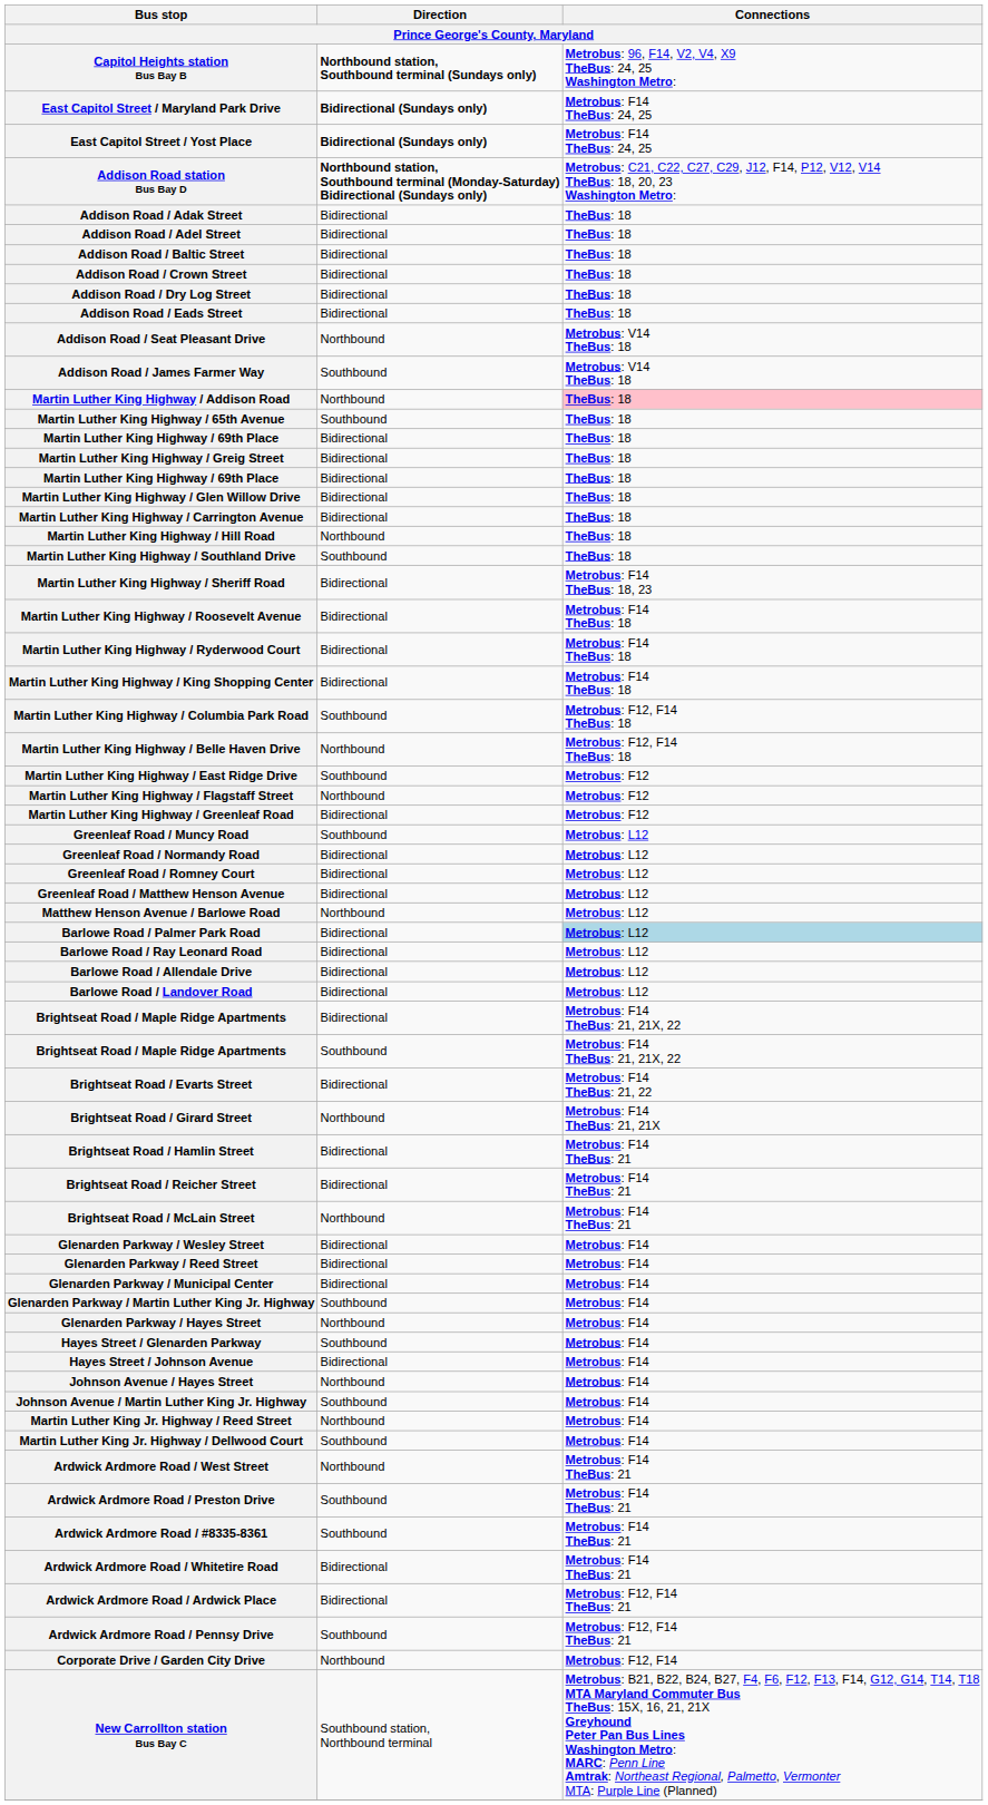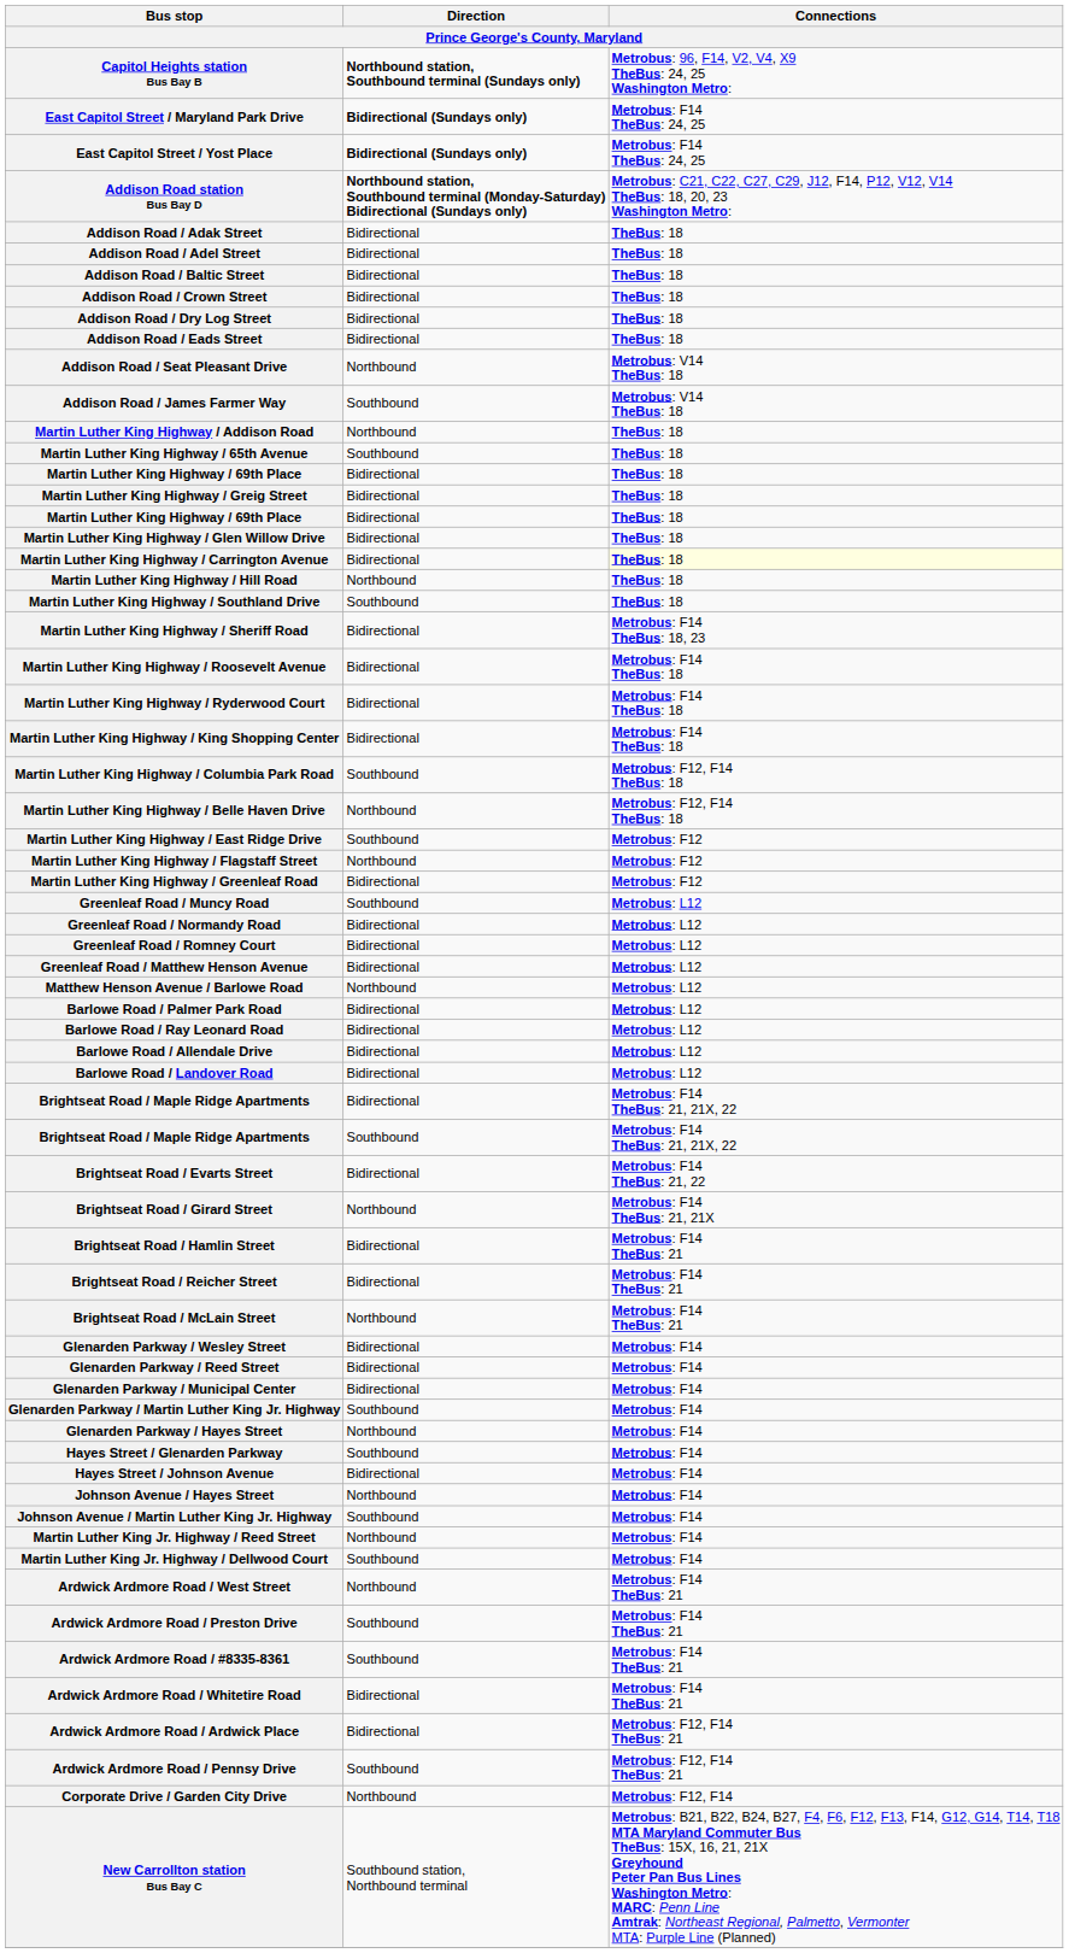 <table class="wikitable collapsible collapsed" style="font-size: 95%;">
 <tr>
 <th>Bus stop</th>
 <th>Direction</th>
 <th>Connections</th>
 </tr>
 <tr>
 <th colspan="5"><a href='#'>Prince George's County, Maryland</a></th>
 </tr>
 <tr>
 <th><a href='#'>Capitol Heights station</a><br><small>Bus Bay B</small></th>
 <td><strong>Northbound station,<br>Southbound terminal (Sundays only)</strong></td>
 <td> <strong><a href='#'>Metrobus</a></strong>: <a href='#'>96</a>, <a href='#'>F14</a>, <a href='#'>V2, V4</a>, <a href='#'>X9</a><br>  <strong><a href='#'>TheBus</a></strong>: 24, 25<br> <strong><a href='#'>Washington Metro</a></strong>:  </td>
 </tr>
 <tr>
 <th><a href='#'>East Capitol Street</a> / Maryland Park Drive</th>
 <td><strong>Bidirectional (Sundays only)</strong></td>
 <td> <strong><a href='#'>Metrobus</a></strong>: F14<br>  <strong><a href='#'>TheBus</a></strong>: 24, 25</td>
 </tr>
 <tr>
 <th>East Capitol Street / Yost Place</th>
 <td><strong>Bidirectional (Sundays only)</strong></td>
 <td> <strong><a href='#'>Metrobus</a></strong>: F14<br>  <strong><a href='#'>TheBus</a></strong>: 24, 25</td>
 </tr>
 <tr>
 <th><a href='#'>Addison Road station</a><br><small>Bus Bay D</small></th>
 <td><strong>Northbound station,<br>Southbound terminal (Monday-Saturday)</strong><br><strong>Bidirectional (Sundays only)</strong></td>
 <td> <strong><a href='#'>Metrobus</a></strong>: <a href='#'>C21, C22, C27, C29</a>, <a href='#'>J12</a>, F14, <a href='#'>P12</a>, <a href='#'>V12</a>, <a href='#'>V14</a><br>  <strong><a href='#'>TheBus</a></strong>: 18, 20, 23<br> <strong><a href='#'>Washington Metro</a></strong>:  </td>
 </tr>
 <tr>
 <th>Addison Road / Adak Street</th>
 <td>Bidirectional</td>
 <td> <strong><a href='#'>TheBus</a></strong>: 18</td>
 </tr>
 <tr>
 <th>Addison Road / Adel Street</th>
 <td>Bidirectional</td>
 <td> <strong><a href='#'>TheBus</a></strong>: 18</td>
 </tr>
 <tr>
 <th>Addison Road / Baltic Street</th>
 <td>Bidirectional</td>
 <td> <strong><a href='#'>TheBus</a></strong>: 18</td>
 </tr>
 <tr>
 <th>Addison Road / Crown Street</th>
 <td>Bidirectional</td>
 <td> <strong><a href='#'>TheBus</a></strong>: 18</td>
 </tr>
 <tr>
 <th>Addison Road / Dry Log Street</th>
 <td>Bidirectional</td>
 <td> <strong><a href='#'>TheBus</a></strong>: 18</td>
 </tr>
 <tr>
 <th>Addison Road / Eads Street</th>
 <td>Bidirectional</td>
 <td> <strong><a href='#'>TheBus</a></strong>: 18</td>
 </tr>
 <tr>
 <th>Addison Road / Seat Pleasant Drive</th>
 <td>Northbound</td>
 <td> <strong><a href='#'>Metrobus</a></strong>: V14<br> <strong><a href='#'>TheBus</a></strong>: 18</td>
 </tr>
 <tr>
 <th>Addison Road / James Farmer Way</th>
 <td>Southbound</td>
 <td> <strong><a href='#'>Metrobus</a></strong>: V14<br> <strong><a href='#'>TheBus</a></strong>: 18</td>
 </tr>
 <tr>
 <th><a href='#'>Martin Luther King Highway</a> / Addison Road</th>
 <td>Northbound</td>
-<td style="background: pink;"> <strong><a href='#'>TheBus</a></strong>: 18</td>
+<td> <strong><a href='#'>TheBus</a></strong>: 18</td>
 </tr>
 <tr>
 <th>Martin Luther King Highway / 65th Avenue</th>
 <td>Southbound</td>
 <td> <strong><a href='#'>TheBus</a></strong>: 18</td>
 </tr>
 <tr>
 <th>Martin Luther King Highway / 69th Place</th>
 <td>Bidirectional</td>
 <td> <strong><a href='#'>TheBus</a></strong>: 18</td>
 </tr>
 <tr>
 <th>Martin Luther King Highway / Greig Street</th>
 <td>Bidirectional</td>
 <td> <strong><a href='#'>TheBus</a></strong>: 18</td>
 </tr>
 <tr>
 <th>Martin Luther King Highway / 69th Place</th>
 <td>Bidirectional</td>
 <td> <strong><a href='#'>TheBus</a></strong>: 18</td>
 </tr>
 <tr>
 <th>Martin Luther King Highway / Glen Willow Drive</th>
 <td>Bidirectional</td>
 <td> <strong><a href='#'>TheBus</a></strong>: 18</td>
 </tr>
 <tr>
 <th>Martin Luther King Highway / Carrington Avenue</th>
 <td>Bidirectional</td>
-<td> <strong><a href='#'>TheBus</a></strong>: 18</td>
+<td style="background: lightyellow;"> <strong><a href='#'>TheBus</a></strong>: 18</td>
 </tr>
 <tr>
 <th>Martin Luther King Highway / Hill Road</th>
 <td>Northbound</td>
 <td> <strong><a href='#'>TheBus</a></strong>: 18</td>
 </tr>
 <tr>
 <th>Martin Luther King Highway / Southland Drive</th>
 <td>Southbound</td>
 <td> <strong><a href='#'>TheBus</a></strong>: 18</td>
 </tr>
 <tr>
 <th>Martin Luther King Highway / Sheriff Road</th>
 <td>Bidirectional</td>
 <td> <strong><a href='#'>Metrobus</a></strong>: F14<br> <strong><a href='#'>TheBus</a></strong>: 18, 23</td>
 </tr>
 <tr>
 <th>Martin Luther King Highway / Roosevelt Avenue</th>
 <td>Bidirectional</td>
 <td> <strong><a href='#'>Metrobus</a></strong>: F14<br> <strong><a href='#'>TheBus</a></strong>: 18</td>
 </tr>
 <tr>
 <th>Martin Luther King Highway / Ryderwood Court</th>
 <td>Bidirectional</td>
 <td> <strong><a href='#'>Metrobus</a></strong>: F14<br> <strong><a href='#'>TheBus</a></strong>: 18</td>
 </tr>
 <tr>
 <th>Martin Luther King Highway / King Shopping Center</th>
 <td>Bidirectional</td>
 <td> <strong><a href='#'>Metrobus</a></strong>: F14<br> <strong><a href='#'>TheBus</a></strong>: 18</td>
 </tr>
 <tr>
 <th>Martin Luther King Highway / Columbia Park Road</th>
 <td>Southbound</td>
 <td> <strong><a href='#'>Metrobus</a></strong>: F12, F14<br> <strong><a href='#'>TheBus</a></strong>: 18</td>
 </tr>
 <tr>
 <th>Martin Luther King Highway / Belle Haven Drive</th>
 <td>Northbound</td>
 <td> <strong><a href='#'>Metrobus</a></strong>: F12, F14<br> <strong><a href='#'>TheBus</a></strong>: 18</td>
 </tr>
 <tr>
 <th>Martin Luther King Highway / East Ridge Drive</th>
 <td>Southbound</td>
 <td> <strong><a href='#'>Metrobus</a></strong>: F12</td>
 </tr>
 <tr>
 <th>Martin Luther King Highway / Flagstaff Street</th>
 <td>Northbound</td>
 <td> <strong><a href='#'>Metrobus</a></strong>: F12</td>
 </tr>
 <tr>
 <th>Martin Luther King Highway / Greenleaf Road</th>
 <td>Bidirectional</td>
 <td> <strong><a href='#'>Metrobus</a></strong>: F12</td>
 </tr>
 <tr>
 <th>Greenleaf Road / Muncy Road</th>
 <td>Southbound</td>
 <td> <strong><a href='#'>Metrobus</a></strong>: <a href='#'>L12</a></td>
 </tr>
 <tr>
 <th>Greenleaf Road / Normandy Road</th>
 <td>Bidirectional</td>
 <td> <strong><a href='#'>Metrobus</a></strong>: L12</td>
 </tr>
 <tr>
 <th>Greenleaf Road / Romney Court</th>
 <td>Bidirectional</td>
 <td> <strong><a href='#'>Metrobus</a></strong>: L12</td>
 </tr>
 <tr>
 <th>Greenleaf Road / Matthew Henson Avenue</th>
 <td>Bidirectional</td>
 <td> <strong><a href='#'>Metrobus</a></strong>: L12</td>
 </tr>
 <tr>
 <th>Matthew Henson Avenue / Barlowe Road</th>
 <td>Northbound</td>
 <td> <strong><a href='#'>Metrobus</a></strong>: L12</td>
 </tr>
 <tr>
 <th>Barlowe Road / Palmer Park Road</th>
 <td>Bidirectional</td>
-<td style="background: lightblue;"> <strong><a href='#'>Metrobus</a></strong>: L12</td>
+<td> <strong><a href='#'>Metrobus</a></strong>: L12</td>
 </tr>
 <tr>
 <th>Barlowe Road / Ray Leonard Road</th>
 <td>Bidirectional</td>
 <td> <strong><a href='#'>Metrobus</a></strong>: L12</td>
 </tr>
 <tr>
 <th>Barlowe Road / Allendale Drive</th>
 <td>Bidirectional</td>
 <td> <strong><a href='#'>Metrobus</a></strong>: L12</td>
 </tr>
 <tr>
 <th>Barlowe Road / <a href='#'>Landover Road</a></th>
 <td>Bidirectional</td>
 <td> <strong><a href='#'>Metrobus</a></strong>: L12</td>
 </tr>
 <tr>
 <th>Brightseat Road / Maple Ridge Apartments</th>
 <td>Bidirectional</td>
 <td> <strong><a href='#'>Metrobus</a></strong>: F14<br> <strong><a href='#'>TheBus</a></strong>: 21, 21X, 22</td>
 </tr>
 <tr>
 <th>Brightseat Road / Maple Ridge Apartments</th>
 <td>Southbound</td>
 <td> <strong><a href='#'>Metrobus</a></strong>: F14<br> <strong><a href='#'>TheBus</a></strong>: 21, 21X, 22</td>
 </tr>
 <tr>
 <th>Brightseat Road / Evarts Street</th>
 <td>Bidirectional</td>
 <td> <strong><a href='#'>Metrobus</a></strong>: F14<br> <strong><a href='#'>TheBus</a></strong>: 21, 22</td>
 </tr>
 <tr>
 <th>Brightseat Road / Girard Street</th>
 <td>Northbound</td>
 <td> <strong><a href='#'>Metrobus</a></strong>: F14<br> <strong><a href='#'>TheBus</a></strong>: 21, 21X</td>
 </tr>
 <tr>
 <th>Brightseat Road / Hamlin Street</th>
 <td>Bidirectional</td>
 <td> <strong><a href='#'>Metrobus</a></strong>: F14<br> <strong><a href='#'>TheBus</a></strong>: 21</td>
 </tr>
 <tr>
 <th>Brightseat Road / Reicher Street</th>
 <td>Bidirectional</td>
 <td> <strong><a href='#'>Metrobus</a></strong>: F14<br> <strong><a href='#'>TheBus</a></strong>: 21</td>
 </tr>
 <tr>
 <th>Brightseat Road / McLain Street</th>
 <td>Northbound</td>
 <td> <strong><a href='#'>Metrobus</a></strong>: F14<br> <strong><a href='#'>TheBus</a></strong>: 21</td>
 </tr>
 <tr>
 <th>Glenarden Parkway / Wesley Street</th>
 <td>Bidirectional</td>
 <td> <strong><a href='#'>Metrobus</a></strong>: F14</td>
 </tr>
 <tr>
 <th>Glenarden Parkway / Reed Street</th>
 <td>Bidirectional</td>
 <td> <strong><a href='#'>Metrobus</a></strong>: F14</td>
 </tr>
 <tr>
 <th>Glenarden Parkway / Municipal Center</th>
 <td>Bidirectional</td>
 <td> <strong><a href='#'>Metrobus</a></strong>: F14</td>
 </tr>
 <tr>
 <th>Glenarden Parkway / Martin Luther King Jr. Highway</th>
 <td>Southbound</td>
 <td> <strong><a href='#'>Metrobus</a></strong>: F14</td>
 </tr>
 <tr>
 <th>Glenarden Parkway / Hayes Street</th>
 <td>Northbound</td>
 <td> <strong><a href='#'>Metrobus</a></strong>: F14</td>
 </tr>
 <tr>
 <th>Hayes Street / Glenarden Parkway</th>
 <td>Southbound</td>
 <td> <strong><a href='#'>Metrobus</a></strong>: F14</td>
 </tr>
 <tr>
 <th>Hayes Street / Johnson Avenue</th>
 <td>Bidirectional</td>
 <td> <strong><a href='#'>Metrobus</a></strong>: F14</td>
 </tr>
 <tr>
 <th>Johnson Avenue / Hayes Street</th>
 <td>Northbound</td>
 <td> <strong><a href='#'>Metrobus</a></strong>: F14</td>
 </tr>
 <tr>
 <th>Johnson Avenue / Martin Luther King Jr. Highway</th>
 <td>Southbound</td>
 <td> <strong><a href='#'>Metrobus</a></strong>: F14</td>
 </tr>
 <tr>
 <th>Martin Luther King Jr. Highway / Reed Street</th>
 <td>Northbound</td>
 <td> <strong><a href='#'>Metrobus</a></strong>: F14</td>
 </tr>
 <tr>
 <th>Martin Luther King Jr. Highway / Dellwood Court</th>
 <td>Southbound</td>
 <td> <strong><a href='#'>Metrobus</a></strong>: F14</td>
 </tr>
 <tr>
 <th>Ardwick Ardmore Road / West Street</th>
 <td>Northbound</td>
 <td> <strong><a href='#'>Metrobus</a></strong>: F14<br> <strong><a href='#'>TheBus</a></strong>: 21</td>
 </tr>
 <tr>
 <th>Ardwick Ardmore Road / Preston Drive</th>
 <td>Southbound</td>
 <td> <strong><a href='#'>Metrobus</a></strong>: F14<br> <strong><a href='#'>TheBus</a></strong>: 21</td>
 </tr>
 <tr>
 <th>Ardwick Ardmore Road / #8335-8361</th>
 <td>Southbound</td>
 <td> <strong><a href='#'>Metrobus</a></strong>: F14<br> <strong><a href='#'>TheBus</a></strong>: 21</td>
 </tr>
 <tr>
 <th>Ardwick Ardmore Road / Whitetire Road</th>
 <td>Bidirectional</td>
 <td> <strong><a href='#'>Metrobus</a></strong>: F14<br> <strong><a href='#'>TheBus</a></strong>: 21</td>
 </tr>
 <tr>
 <th>Ardwick Ardmore Road / Ardwick Place</th>
 <td>Bidirectional</td>
 <td> <strong><a href='#'>Metrobus</a></strong>: F12, F14<br> <strong><a href='#'>TheBus</a></strong>: 21</td>
 </tr>
 <tr>
 <th>Ardwick Ardmore Road / Pennsy Drive</th>
 <td>Southbound</td>
 <td> <strong><a href='#'>Metrobus</a></strong>: F12, F14<br> <strong><a href='#'>TheBus</a></strong>: 21</td>
 </tr>
 <tr>
 <th>Corporate Drive / Garden City Drive</th>
 <td>Northbound</td>
 <td> <strong><a href='#'>Metrobus</a></strong>: F12, F14</td>
 </tr>
 <tr>
 <th><a href='#'>New Carrollton station</a><br><small>Bus Bay C</small></th>
 <td>Southbound station,<br>Northbound terminal</td>
 <td> <strong><a href='#'>Metrobus</a></strong>: B21, B22, B24, B27, <a href='#'>F4</a>, <a href='#'>F6</a>, <a href='#'>F12</a>, <a href='#'>F13</a>, F14, <a href='#'>G12, G14</a>, <a href='#'>T14</a>, <a href='#'>T18</a><br>  <strong><a href='#'>MTA Maryland Commuter Bus</a></strong><br>  <strong><a href='#'>TheBus</a></strong>: 15X, 16, 21, 21X<br>  <strong><a href='#'>Greyhound</a></strong><br>  <strong><a href='#'>Peter Pan Bus Lines</a></strong><br> <strong><a href='#'>Washington Metro</a></strong>: <br> <strong><a href='#'>MARC</a></strong>: <em><a href='#'>Penn Line</a></em><br> <strong><a href='#'>Amtrak</a></strong>: <em><a href='#'>Northeast Regional</a>, <a href='#'>Palmetto</a></em>, <em><a href='#'>Vermonter</a></em><br> <a href='#'>MTA</a>: <a href='#'>Purple Line</a> (Planned)</td>
 </tr>
 <tr>
 </tr>
 </table>
